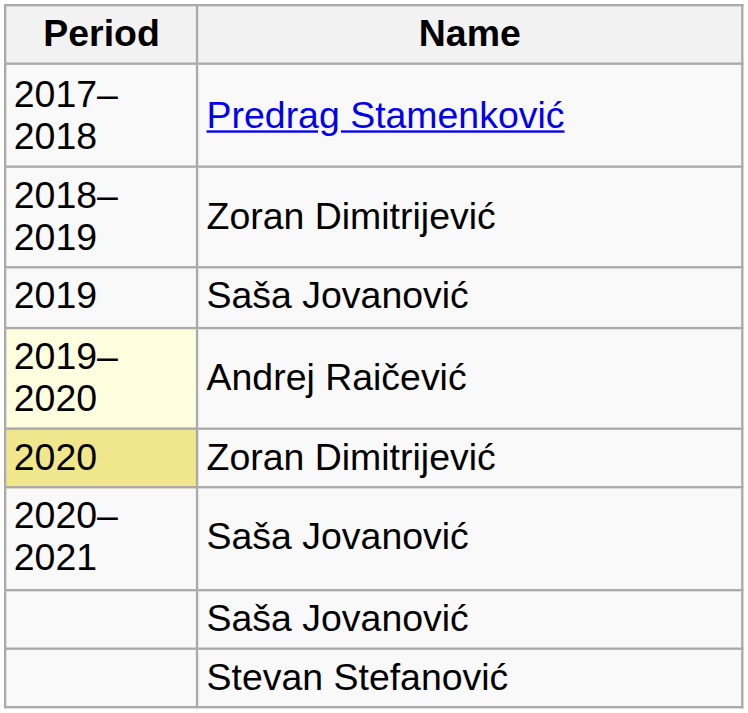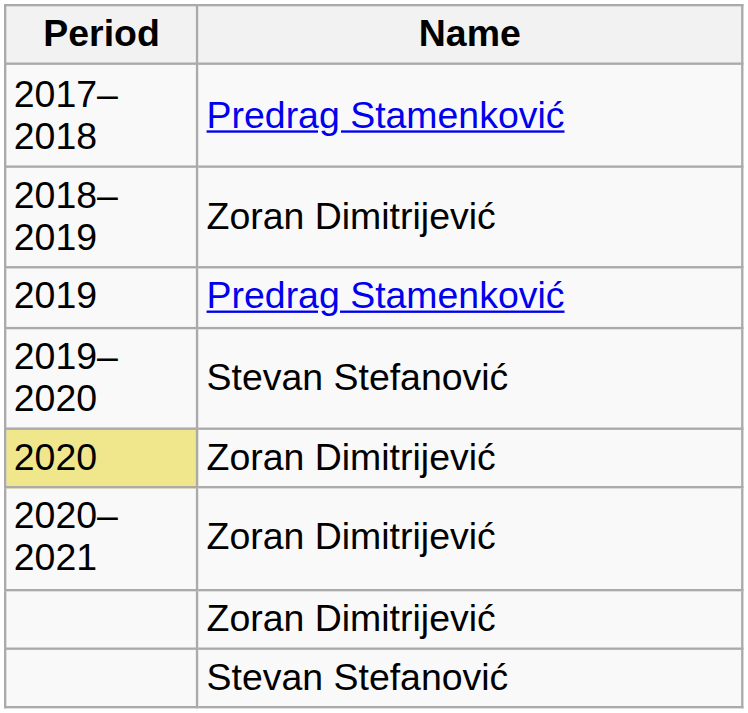 <table class="wikitable">
 <tr>
 <th width="75">Period</th>
 <th width="225">Name</th>
 </tr>
 <tr>
 <td>2017–2018</td>
 <td> <a href='#'>Predrag Stamenković</a></td>
 </tr>
 <tr>
 <td>2018–2019</td>
 <td> Zoran Dimitrijević</td>
 </tr>
 <tr>
 <td>2019</td>
-<td> Saša Jovanović</td>
+<td> <a href='#'>Predrag Stamenković</a></td>
 </tr>
 <tr>
-<td style="background: lightyellow;">2019–2020</td>
-<td> Andrej Raičević</td>
+<td>2019–2020</td>
+<td> Stevan Stefanović</td>
 </tr>
 <tr>
 <td style="background: khaki;">2020</td>
 <td> Zoran Dimitrijević</td>
 </tr>
 <tr>
 <td>2020–2021</td>
-<td> Saša Jovanović</td>
+<td> Zoran Dimitrijević</td>
 </tr>
 <tr>
 <td></td>
-<td> Saša Jovanović</td>
+<td> Zoran Dimitrijević</td>
 </tr>
 <tr>
 <td></td>
 <td> Stevan Stefanović</td>
 </tr>
 </table>
